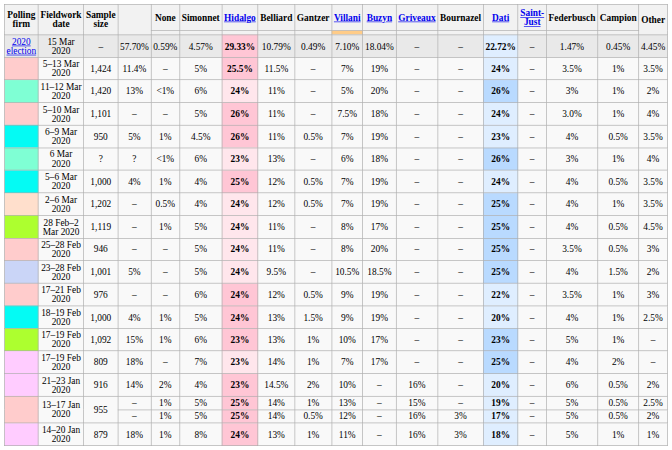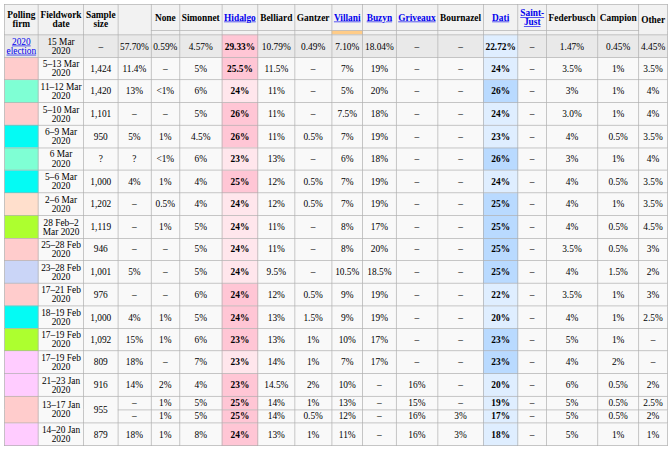 <table class="wikitable sortable" style="text-align:center;font-size:90%;line-height:14px;">
 <tr style="height:40px;">
 <th style="width:140px;" rowspan="2">Polling firm</th>
 <th style="width:110px;" rowspan="2">Fieldwork date</th>
 <th style="width:35px;" rowspan="2">Sample<br>size</th>
 <th style="width:30px;" rowspan="2"></th>
 <th class="unsortable" style="width:60px;">None<br></th>
 <th class="unsortable" style="width:60px;">Simonnet<br></th>
 <th class="unsortable" style="width:60px;"><a href='#'>Hidalgo</a><br></th>
 <th class="unsortable" style="width:60px;">Belliard<br></th>
 <th class="unsortable" style="width:60px;">Gantzer<br></th>
 <th class="unsortable" style="width:60px;"><a href='#'>Villani</a><br></th>
 <th class="unsortable" style="width:60px;"><a href='#'>Buzyn</a><br></th>
 <th class="unsortable" style="width:60px;"><a href='#'>Griveaux</a><br></th>
 <th class="unsortable" style="width:60px;">Bournazel<br></th>
 <th class="unsortable" style="width:60px;"><a href='#'>Dati</a><br></th>
 <th class="unsortable" style="width:60px;"><a href='#'>Saint-Just</a><br></th>
 <th class="unsortable" style="width:60px;">Federbusch<br></th>
 <th class="unsortable" style="width:60px;">Campion<br></th>
 <th class="unsortable" style="width:60px;" rowspan="2">Other</th>
 </tr>
 <tr>
 <th style="background:"></th>
 <th style="background:"></th>
 <th style="background:"></th>
 <th style="background:"></th>
 <th style="background:"></th>
 <th style="background:#ffcc88;"></th>
 <th style="background:"></th>
 <th style="background:"></th>
 <th style="background:"></th>
 <th style="background:"></th>
 <th style="background:"></th>
 <th style="background:"></th>
 <th style="background:"></th>
 </tr>
 <tr style="background:#E9E9E9;">
 <td><a href='#'>2020 election</a></td>
 <td>15 Mar 2020</td>
 <td>–</td>
 <td>57.70%</td>
 <td>0.59%</td>
 <td>4.57%</td>
 <td style="background:#FFC6D5;"><strong>29.33%</strong></td>
 <td>10.79%</td>
 <td>0.49%</td>
 <td>7.10%</td>
 <td>18.04%</td>
 <td>–</td>
 <td>–</td>
 <td style="background:#DFEEFF;"><strong>22.72%</strong></td>
 <td>–</td>
 <td>1.47%</td>
 <td>0.45%</td>
 <td>4.45%</td>
 </tr>
 <tr>
 <td style="background:#FFCCCC;"></td>
 <td>5–13 Mar 2020</td>
 <td>1,424</td>
 <td>11.4%</td>
 <td>–</td>
 <td>5%</td>
 <td style="background:#FFC6D5;"><strong>25.5%</strong></td>
 <td>11.5%</td>
 <td>–</td>
 <td>7%</td>
 <td>19%</td>
 <td>–</td>
 <td>–</td>
 <td style="background:#DFEEFF;"><strong>24%</strong></td>
 <td>–</td>
 <td>3.5%</td>
 <td>1%</td>
 <td>3.5%</td>
 </tr>
 <tr>
 <td style="background:aquamarine;"></td>
 <td>11–12 Mar 2020</td>
 <td>1,420</td>
 <td>13%</td>
 <td><1%</td>
 <td>6%</td>
 <td style="background:#FFE6EC;"><strong>24%</strong></td>
 <td>11%</td>
 <td>–</td>
 <td>5%</td>
 <td>20%</td>
 <td>–</td>
 <td>–</td>
 <td style="background:#B9DAFF;"><strong>26%</strong></td>
 <td>–</td>
 <td>3%</td>
 <td>1%</td>
-<td>2%</td>
+<td>4%</td>
 </tr>
 <tr>
 <td style="background:#FFCCCC;"></td>
 <td>5–10 Mar 2020</td>
 <td>1,101</td>
 <td>–</td>
 <td>–</td>
 <td>5%</td>
 <td style="background:#FFC6D5;"><strong>26%</strong></td>
 <td>11%</td>
 <td>–</td>
 <td>7.5%</td>
 <td>18%</td>
 <td>–</td>
 <td>–</td>
 <td style="background:#DFEEFF;"><strong>24%</strong></td>
 <td>–</td>
 <td>3.0%</td>
 <td>1%</td>
 <td>4%</td>
 </tr>
 <tr>
 <td style="background:#04FBF4;"></td>
 <td>6–9 Mar 2020</td>
 <td>950</td>
 <td>5%</td>
 <td>1%</td>
 <td>4.5%</td>
 <td style="background:#FFC6D5;"><strong>26%</strong></td>
 <td>11%</td>
 <td>0.5%</td>
 <td>7%</td>
 <td>19%</td>
 <td>–</td>
 <td>–</td>
 <td style="background:#DFEEFF;"><strong>23%</strong></td>
 <td>–</td>
 <td>4%</td>
 <td>0.5%</td>
 <td>3.5%</td>
 </tr>
 <tr>
 <td style="background:aquamarine;"></td>
 <td>6 Mar 2020</td>
 <td>?</td>
 <td>?</td>
 <td><1%</td>
 <td>6%</td>
 <td style="background:#FFE6EC;"><strong>23%</strong></td>
 <td>13%</td>
 <td>–</td>
 <td>6%</td>
 <td>18%</td>
 <td>–</td>
 <td>–</td>
 <td style="background:#B9DAFF;"><strong>26%</strong></td>
 <td>–</td>
 <td>3%</td>
 <td>1%</td>
 <td>4%</td>
 </tr>
 <tr>
 <td style="background:#04FBF4;"></td>
 <td>5–6 Mar 2020</td>
 <td>1,000</td>
 <td>4%</td>
 <td>1%</td>
 <td>4%</td>
 <td style="background:#FFC6D5;"><strong>25%</strong></td>
 <td>12%</td>
 <td>0.5%</td>
 <td>7%</td>
 <td>19%</td>
 <td>–</td>
 <td>–</td>
 <td style="background:#DFEEFF;"><strong>24%</strong></td>
 <td>–</td>
 <td>4%</td>
 <td>0.5%</td>
 <td>3.5%</td>
 </tr>
 <tr>
 <td style="background:#FFDFCC;"> </td>
 <td>2–6 Mar 2020</td>
 <td>1,202</td>
 <td>–</td>
 <td>0.5%</td>
 <td>4%</td>
 <td style="background:#FFE6EC;"><strong>24%</strong></td>
 <td>12%</td>
 <td>0.5%</td>
 <td>7%</td>
 <td>19%</td>
 <td>–</td>
 <td>–</td>
 <td style="background:#B9DAFF;"><strong>25%</strong></td>
 <td>–</td>
 <td>4%</td>
 <td>1%</td>
 <td>3.5%</td>
 </tr>
 <tr>
 <td style="background:GreenYellow;"></td>
 <td>28 Feb–2 Mar 2020</td>
 <td>1,119</td>
 <td>–</td>
 <td>1%</td>
 <td>5%</td>
 <td style="background:#FFE6EC;"><strong>24%</strong></td>
 <td>11%</td>
 <td>–</td>
 <td>8%</td>
 <td>17%</td>
 <td>–</td>
 <td>–</td>
 <td style="background:#B9DAFF;"><strong>25%</strong></td>
 <td>–</td>
 <td>4%</td>
 <td>0.5%</td>
 <td>4.5%</td>
 </tr>
 <tr>
 <td style="background:#FFCCCC;"></td>
 <td>25–28 Feb 2020</td>
 <td>946</td>
 <td>–</td>
 <td>–</td>
 <td>5%</td>
 <td style="background:#FFE6EC;"><strong>24%</strong></td>
 <td>11%</td>
 <td>–</td>
 <td>8%</td>
 <td>20%</td>
 <td>–</td>
 <td>–</td>
 <td style="background:#B9DAFF;"><strong>25%</strong></td>
 <td>–</td>
 <td>3.5%</td>
 <td>0.5%</td>
 <td>3%</td>
 </tr>
 <tr>
 <td style="background:#CAD5F7;"></td>
 <td>23–28 Feb 2020</td>
 <td>1,001</td>
 <td>5%</td>
 <td>–</td>
 <td>5%</td>
 <td style="background:#FFE6EC;"><strong>24%</strong></td>
 <td>9.5%</td>
 <td>–</td>
 <td>10.5%</td>
 <td>18.5%</td>
 <td>–</td>
 <td>–</td>
 <td style="background:#B9DAFF;"><strong>25%</strong></td>
 <td>–</td>
 <td>4%</td>
 <td>1.5%</td>
 <td>2%</td>
 </tr>
 <tr>
 <td style="background:#FFCCCC;"></td>
 <td>17–21 Feb 2020</td>
 <td>976</td>
 <td>–</td>
 <td>–</td>
 <td>6%</td>
 <td style="background:#FFC6D5;"><strong>24%</strong></td>
 <td>12%</td>
 <td>0.5%</td>
 <td>9%</td>
 <td>19%</td>
 <td>–</td>
 <td>–</td>
 <td style="background:#DFEEFF;"><strong>22%</strong></td>
 <td>–</td>
 <td>3.5%</td>
 <td>1%</td>
 <td>3%</td>
 </tr>
 <tr>
 <td style="background:#04FBF4;"> </td>
 <td>18–19 Feb 2020</td>
 <td>1,000</td>
 <td>4%</td>
 <td>1%</td>
 <td>5%</td>
 <td style="background:#FFC6D5;"><strong>24%</strong></td>
 <td>13%</td>
 <td>1.5%</td>
 <td>9%</td>
 <td>19%</td>
 <td>–</td>
 <td>–</td>
 <td style="background:#DFEEFF;"><strong>20%</strong></td>
 <td>–</td>
 <td>4%</td>
 <td>1%</td>
 <td>2.5%</td>
 </tr>
 <tr>
 <td style="background:GreenYellow;"></td>
 <td>17–19 Feb 2020</td>
 <td>1,092</td>
 <td>15%</td>
 <td>1%</td>
 <td>6%</td>
 <td style="background:#FFC6D5;"><strong>23%</strong></td>
 <td>13%</td>
 <td>1%</td>
 <td>10%</td>
 <td>17%</td>
 <td>–</td>
 <td>–</td>
 <td style="background:#B9DAFF;"><strong>23%</strong></td>
 <td>–</td>
 <td>5%</td>
 <td>1%</td>
 <td>–</td>
 </tr>
 <tr>
 <td style="background:#FFCCFF;"></td>
 <td>17–19 Feb 2020</td>
 <td>809</td>
 <td>18%</td>
 <td>–</td>
 <td>7%</td>
 <td style="background:#FFE6EC;"><strong>23%</strong></td>
 <td>14%</td>
 <td>1%</td>
 <td>7%</td>
 <td>17%</td>
 <td>–</td>
 <td>–</td>
-<td style="background:#B9DAFF;"><strong>25%</strong></td>
+<td style="background:#B9DAFF;"><strong>23%</strong></td>
 <td>–</td>
 <td>4%</td>
 <td>2%</td>
 <td>–</td>
 </tr>
 <tr>
 <td style="background:#FFCCFF;"></td>
 <td>21–23 Jan 2020</td>
 <td>916</td>
 <td>14%</td>
 <td>2%</td>
 <td>4%</td>
 <td style="background:#FFC6D5;"><strong>23%</strong></td>
 <td>14.5%</td>
 <td>2%</td>
 <td>10%</td>
 <td>–</td>
 <td>16%</td>
 <td>–</td>
 <td style="background:#DFEEFF;"><strong>20%</strong></td>
 <td>–</td>
 <td>6%</td>
 <td>0.5%</td>
 <td>2%</td>
 </tr>
 <tr>
 <td rowspan="2" style="background:#FFCCCC;"></td>
 <td rowspan="2">13–17 Jan 2020</td>
 <td rowspan="2">955</td>
 <td>–</td>
 <td>1%</td>
 <td>5%</td>
 <td style="background:#FFC6D5;"><strong>25%</strong></td>
 <td>14%</td>
 <td>1%</td>
 <td>13%</td>
 <td>–</td>
 <td>15%</td>
 <td>–</td>
 <td style="background:#DFEEFF;"><strong>19%</strong></td>
 <td>–</td>
 <td>5%</td>
 <td>0.5%</td>
 <td>2.5%</td>
 </tr>
 <tr>
 <td>–</td>
 <td>1%</td>
 <td>5%</td>
 <td style="background:#FFC6D5;"><strong>25%</strong></td>
 <td>14%</td>
 <td>0.5%</td>
 <td>12%</td>
 <td>–</td>
 <td>16%</td>
 <td>3%</td>
 <td style="background:#DFEEFF;"><strong>17%</strong></td>
 <td>–</td>
 <td>5%</td>
 <td>0.5%</td>
 <td>2%</td>
 </tr>
 <tr>
 <td style="background:#FFCCFF;"></td>
 <td>14–20 Jan 2020</td>
 <td>879</td>
 <td>18%</td>
 <td>1%</td>
 <td>8%</td>
 <td style="background:#FFC6D5;"><strong>24%</strong></td>
 <td>13%</td>
 <td>1%</td>
 <td>11%</td>
 <td>–</td>
 <td>16%</td>
 <td>3%</td>
 <td style="background:#DFEEFF;"><strong>18%</strong></td>
 <td>–</td>
 <td>5%</td>
 <td>1%</td>
 <td>1%</td>
 </tr>
 </table>
